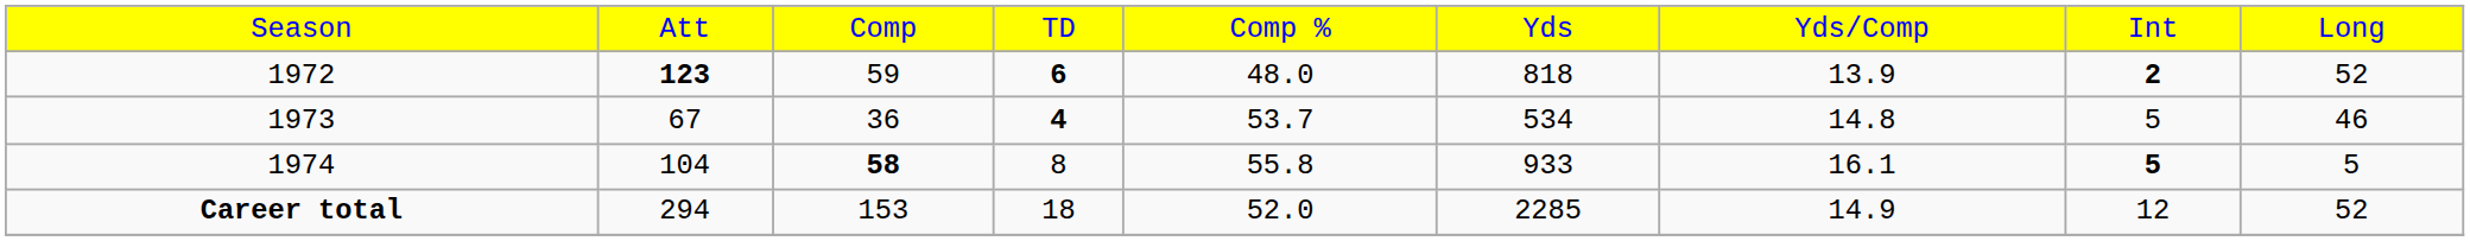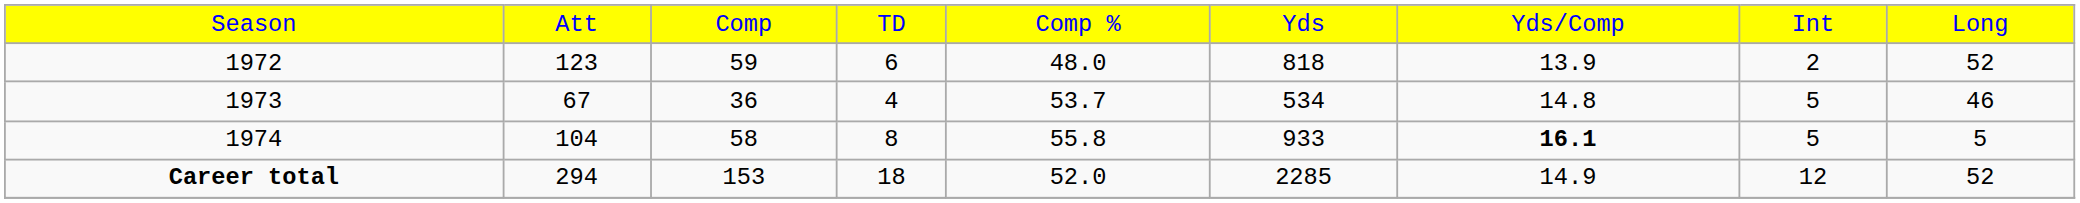 <table class="wikitable" width="90%">
 <tr align="center"  style="background:yellow;color:blue;">
 <td>Season</td>
 <td>Att</td>
 <td>Comp</td>
 <td>TD</td>
 <td>Comp %</td>
 <td>Yds</td>
 <td>Yds/Comp</td>
 <td>Int</td>
 <td>Long</td>
 </tr>
 <tr align="center" bgcolor="">
 <td>1972</td>
-<td><strong>123</strong></td>
+<td>123</td>
 <td>59</td>
-<td><strong>6</strong></td>
+<td>6</td>
 <td>48.0</td>
 <td>818</td>
 <td>13.9</td>
-<td><strong>2</strong></td>
+<td>2</td>
 <td>52</td>
 </tr>
 <tr align="center" bgcolor="">
 <td>1973</td>
 <td>67</td>
 <td>36</td>
-<td><strong>4</strong></td>
+<td>4</td>
 <td>53.7</td>
 <td>534</td>
 <td>14.8</td>
 <td>5</td>
 <td>46</td>
 </tr>
 <tr align="center" bgcolor="">
 <td>1974</td>
 <td>104</td>
-<td><strong>58</strong></td>
+<td>58</td>
 <td>8</td>
 <td>55.8</td>
 <td>933</td>
-<td>16.1</td>
-<td><strong>5</strong></td>
+<td><strong>16.1</strong></td>
+<td>5</td>
 <td>5</td>
 </tr>
 <tr align="center" bgcolor="">
 <td><strong>Career total</strong></td>
 <td>294</td>
 <td>153</td>
 <td>18</td>
 <td>52.0</td>
 <td>2285</td>
 <td>14.9</td>
 <td>12</td>
 <td>52</td>
 </tr>
 <tr align="center" bgcolor="">
 </tr>
 </table>
